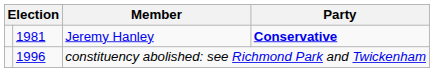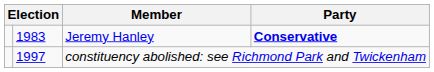 <table class="wikitable">
 <tr>
 <th colspan="2">Election</th>
 <th>Member</th>
 <th>Party</th>
 </tr>
 <tr>
 <td style="color:inherit;background-color: "></td>
-<td><a href='#'>1981</a></td>
+<td><a href='#'>1983</a></td>
 <td><a href='#'>Jeremy Hanley</a></td>
 <td><strong><a href='#'>Conservative</a></strong></td>
 </tr>
 <tr>
 <td></td>
-<td><a href='#'>1996</a></td>
+<td><a href='#'>1997</a></td>
 <td colspan="2"><em>constituency abolished: see <a href='#'>Richmond Park</a> and <a href='#'>Twickenham</a> </em></td>
 </tr>
 </table>
